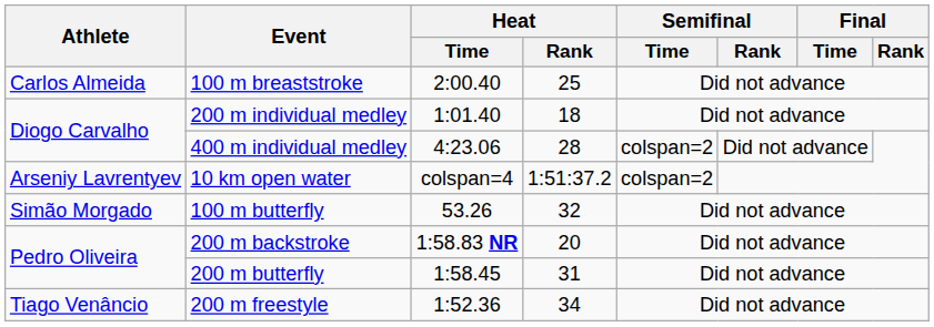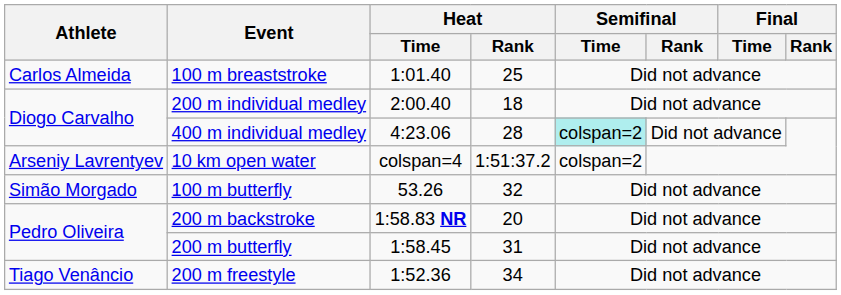 <table class=wikitable style="font-size:90%">
 <tr>
 <th rowspan="2">Athlete</th>
 <th rowspan="2">Event</th>
 <th colspan="2">Heat</th>
 <th colspan="2">Semifinal</th>
 <th colspan="2">Final</th>
 </tr>
 <tr style="font-size:95%">
 <th>Time</th>
 <th>Rank</th>
 <th>Time</th>
 <th>Rank</th>
 <th>Time</th>
 <th>Rank</th>
 </tr>
 <tr align=center>
 <td align=left><a href='#'>Carlos Almeida</a></td>
 <td align=left><a href='#'>100 m breaststroke</a></td>
-<td>2:00.40</td>
+<td>1:01.40</td>
 <td>25</td>
 <td colspan=4>Did not advance</td>
 </tr>
 <tr align=center>
 <td align=left rowspan=2><a href='#'>Diogo Carvalho</a></td>
 <td align=left><a href='#'>200 m individual medley</a></td>
-<td>1:01.40</td>
+<td>2:00.40</td>
 <td>18</td>
 <td colspan=4>Did not advance</td>
 </tr>
 <tr align=center>
 <td align=left><a href='#'>400 m individual medley</a></td>
 <td>4:23.06</td>
 <td>28</td>
-<td>colspan=2 </td>
+<td style="background: paleturquoise;">colspan=2 </td>
 <td colspan=2>Did not advance</td>
 </tr>
 <tr align=center>
 <td align=left><a href='#'>Arseniy Lavrentyev</a></td>
 <td align=left><a href='#'>10 km open water</a></td>
 <td>colspan=4 </td>
 <td>1:51:37.2</td>
 <td>colspan=2 </td>
 </tr>
 <tr align=center>
 <td align=left><a href='#'>Simão Morgado</a></td>
 <td align=left><a href='#'>100 m butterfly</a></td>
 <td>53.26</td>
 <td>32</td>
 <td colspan=4>Did not advance</td>
 </tr>
 <tr align=center>
 <td align=left rowspan=2><a href='#'>Pedro Oliveira</a></td>
 <td align=left><a href='#'>200 m backstroke</a></td>
 <td>1:58.83 <strong><a href='#'>NR</a></strong></td>
 <td>20</td>
 <td colspan=4>Did not advance</td>
 </tr>
 <tr align=center>
 <td align=left><a href='#'>200 m butterfly</a></td>
 <td>1:58.45</td>
 <td>31</td>
 <td colspan=4>Did not advance</td>
 </tr>
 <tr align=center>
 <td align=left><a href='#'>Tiago Venâncio</a></td>
 <td align=left><a href='#'>200 m freestyle</a></td>
 <td>1:52.36</td>
 <td>34</td>
 <td colspan=4>Did not advance</td>
 </tr>
 </table>
